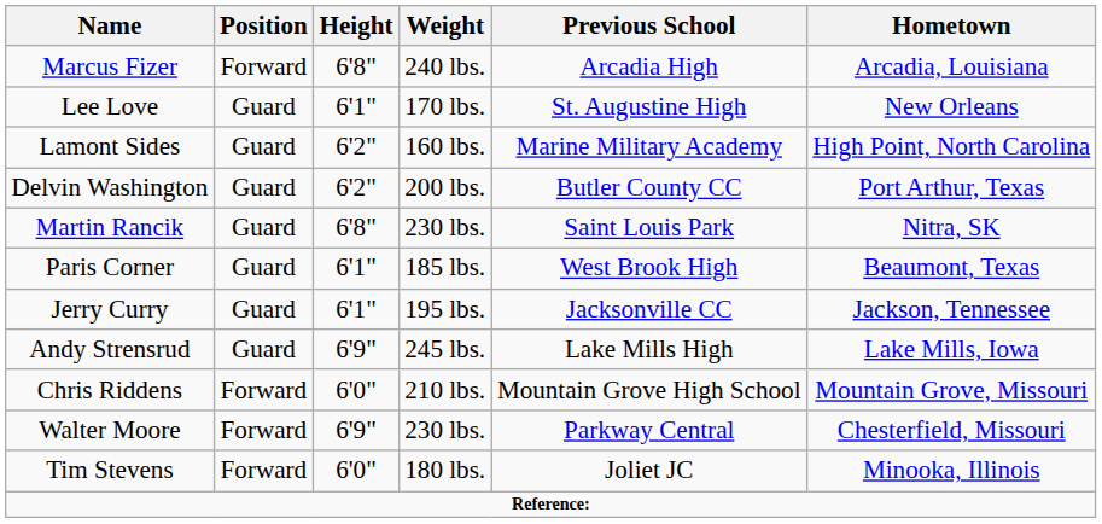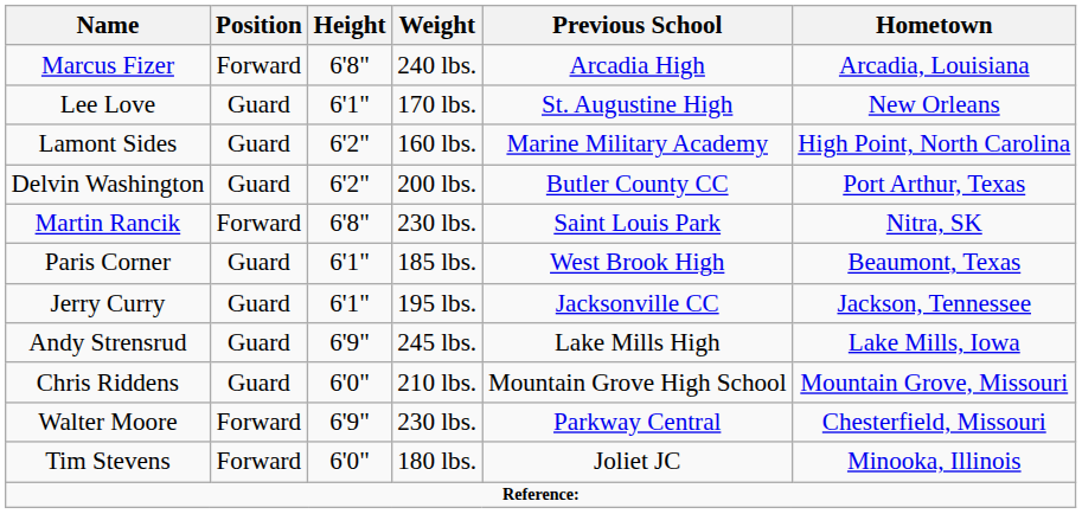 <table class="wikitable" style="text-align: center">
 <tr align=center>
 <th>Name</th>
 <th>Position</th>
 <th>Height</th>
 <th>Weight</th>
 <th>Previous School</th>
 <th>Hometown</th>
 </tr>
 <tr>
 <td><a href='#'>Marcus Fizer</a></td>
 <td>Forward</td>
 <td>6'8"</td>
 <td>240 lbs.</td>
 <td><a href='#'>Arcadia High</a></td>
 <td><a href='#'>Arcadia, Louisiana</a></td>
 </tr>
 <tr>
 <td>Lee Love</td>
 <td>Guard</td>
 <td>6'1"</td>
 <td>170 lbs.</td>
 <td><a href='#'>St. Augustine High</a></td>
 <td><a href='#'>New Orleans</a></td>
 </tr>
 <tr>
 <td>Lamont Sides</td>
 <td>Guard</td>
 <td>6'2"</td>
 <td>160 lbs.</td>
 <td><a href='#'>Marine Military Academy</a></td>
 <td><a href='#'>High Point, North Carolina</a></td>
 </tr>
 <tr>
 <td>Delvin Washington</td>
 <td>Guard</td>
 <td>6'2"</td>
 <td>200 lbs.</td>
 <td><a href='#'>Butler County CC</a></td>
 <td><a href='#'>Port Arthur, Texas</a></td>
 </tr>
 <tr>
 <td><a href='#'>Martin Rancik</a></td>
-<td>Guard</td>
+<td>Forward</td>
 <td>6'8"</td>
 <td>230 lbs.</td>
 <td><a href='#'>Saint Louis Park</a></td>
 <td><a href='#'>Nitra, SK</a></td>
 </tr>
 <tr>
 <td>Paris Corner</td>
 <td>Guard</td>
 <td>6'1"</td>
 <td>185 lbs.</td>
 <td><a href='#'>West Brook High</a></td>
 <td><a href='#'>Beaumont, Texas</a></td>
 </tr>
 <tr>
 <td>Jerry Curry</td>
 <td>Guard</td>
 <td>6'1"</td>
 <td>195 lbs.</td>
 <td><a href='#'>Jacksonville CC</a></td>
 <td><a href='#'>Jackson, Tennessee</a></td>
 </tr>
 <tr>
 <td>Andy Strensrud</td>
 <td>Guard</td>
 <td>6'9"</td>
 <td>245 lbs.</td>
 <td>Lake Mills High</td>
 <td><a href='#'>Lake Mills, Iowa</a></td>
 </tr>
 <tr>
 <td>Chris Riddens</td>
-<td>Forward</td>
+<td>Guard</td>
 <td>6'0"</td>
 <td>210 lbs.</td>
 <td>Mountain Grove High School</td>
 <td><a href='#'>Mountain Grove, Missouri</a></td>
 </tr>
 <tr>
 <td>Walter Moore</td>
 <td>Forward</td>
 <td>6'9"</td>
 <td>230 lbs.</td>
 <td><a href='#'>Parkway Central</a></td>
 <td><a href='#'>Chesterfield, Missouri</a></td>
 </tr>
 <tr>
 <td>Tim Stevens</td>
 <td>Forward</td>
 <td>6'0"</td>
 <td>180 lbs.</td>
 <td>Joliet JC</td>
 <td><a href='#'>Minooka, Illinois</a></td>
 </tr>
 <tr>
 <td colspan="6"  style="font-size:8pt; text-align:center;"><strong>Reference:</strong></td>
 </tr>
 </table>
